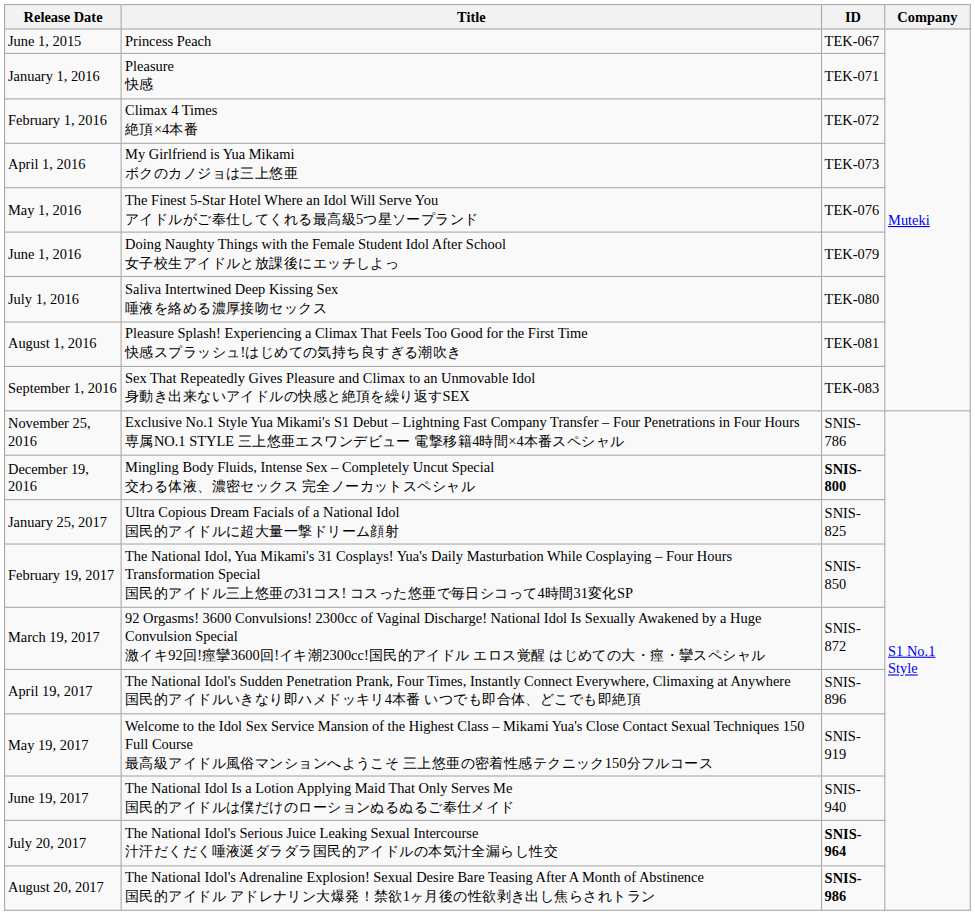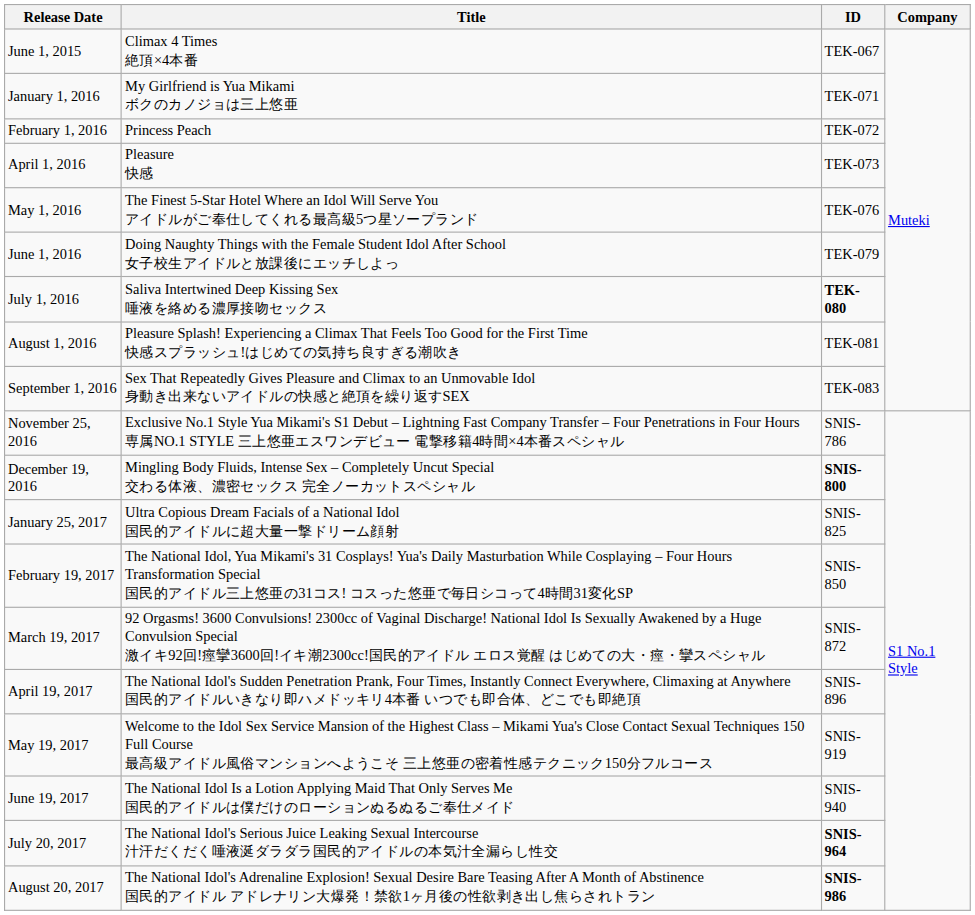 <table class="wikitable" style="font-size:small">
 <tr>
 <th>Release Date</th>
 <th>Title</th>
 <th>ID</th>
 <th>Company</th>
 </tr>
 <tr>
 <td>June 1, 2015</td>
-<td>Princess Peach</td>
+<td>Climax 4 Times<br>絶頂×4本番</td>
 <td>TEK-067</td>
 <td rowspan="9"><a href='#'>Muteki</a></td>
 </tr>
 <tr>
 <td>January 1, 2016</td>
-<td>Pleasure<br>快感</td>
+<td>My Girlfriend is Yua Mikami<br>ボクのカノジョは三上悠亜</td>
 <td>TEK-071</td>
 </tr>
 <tr>
 <td>February 1, 2016</td>
-<td>Climax 4 Times<br>絶頂×4本番</td>
+<td>Princess Peach</td>
 <td>TEK-072</td>
 </tr>
 <tr>
 <td>April 1, 2016</td>
-<td>My Girlfriend is Yua Mikami<br>ボクのカノジョは三上悠亜</td>
+<td>Pleasure<br>快感</td>
 <td>TEK-073</td>
 </tr>
 <tr>
 <td>May 1, 2016</td>
 <td>The Finest 5-Star Hotel Where an Idol Will Serve You<br>アイドルがご奉仕してくれる最高級5つ星ソープランド</td>
 <td>TEK-076</td>
 </tr>
 <tr>
 <td>June 1, 2016</td>
 <td>Doing Naughty Things with the Female Student Idol After School<br>女子校生アイドルと放課後にエッチしよっ</td>
 <td>TEK-079</td>
 </tr>
 <tr>
 <td>July 1, 2016</td>
 <td>Saliva Intertwined Deep Kissing Sex<br>唾液を絡める濃厚接吻セックス</td>
-<td>TEK-080</td>
+<td><strong>TEK-080</strong></td>
 </tr>
 <tr>
 <td>August 1, 2016</td>
 <td>Pleasure Splash! Experiencing a Climax That Feels Too Good for the First Time<br>快感スプラッシュ!はじめての気持ち良すぎる潮吹き</td>
 <td>TEK-081</td>
 </tr>
 <tr>
 <td>September 1, 2016</td>
 <td>Sex That Repeatedly Gives Pleasure and Climax to an Unmovable Idol<br>身動き出来ないアイドルの快感と絶頂を繰り返すSEX</td>
 <td>TEK-083</td>
 </tr>
 <tr>
 <td>November 25, 2016</td>
 <td>Exclusive No.1 Style Yua Mikami's S1 Debut – Lightning Fast Company Transfer – Four Penetrations in Four Hours<br>専属NO.1 STYLE 三上悠亜エスワンデビュー 電撃移籍4時間×4本番スペシャル</td>
 <td>SNIS-786</td>
 <td rowspan="10"><a href='#'>S1 No.1 Style</a></td>
 </tr>
 <tr>
 <td>December 19, 2016</td>
 <td>Mingling Body Fluids, Intense Sex – Completely Uncut Special<br>交わる体液、濃密セックス 完全ノーカットスペシャル</td>
 <td><strong>SNIS-800</strong></td>
 </tr>
 <tr>
 <td>January 25, 2017</td>
 <td>Ultra Copious Dream Facials of a National Idol<br>国民的アイドルに超大量一撃ドリーム顔射</td>
 <td>SNIS-825</td>
 </tr>
 <tr>
 <td>February 19, 2017</td>
 <td>The National Idol, Yua Mikami's 31 Cosplays! Yua's Daily Masturbation While Cosplaying – Four Hours Transformation Special<br>国民的アイドル三上悠亜の31コス! コスった悠亜で毎日シコって4時間31変化SP</td>
 <td>SNIS-850</td>
 </tr>
 <tr>
 <td>March 19, 2017</td>
 <td>92 Orgasms! 3600 Convulsions! 2300cc of Vaginal Discharge! National Idol Is Sexually Awakened by a Huge Convulsion Special<br>激イキ92回!痙攣3600回!イキ潮2300cc!国民的アイドル エロス覚醒 はじめての大・痙・攣スペシャル</td>
 <td>SNIS-872</td>
 </tr>
 <tr>
 <td>April 19, 2017</td>
 <td>The National Idol's Sudden Penetration Prank, Four Times, Instantly Connect Everywhere, Climaxing at Anywhere<br>国民的アイドルいきなり即ハメドッキリ4本番 いつでも即合体、どこでも即絶頂</td>
 <td>SNIS-896</td>
 </tr>
 <tr>
 <td>May 19, 2017</td>
 <td>Welcome to the Idol Sex Service Mansion of the Highest Class – Mikami Yua's Close Contact Sexual Techniques 150 Full Course<br>最高級アイドル風俗マンションへようこそ 三上悠亜の密着性感テクニック150分フルコース</td>
 <td>SNIS-919</td>
 </tr>
 <tr>
 <td>June 19, 2017</td>
 <td>The National Idol Is a Lotion Applying Maid That Only Serves Me<br>国民的アイドルは僕だけのローションぬるぬるご奉仕メイド</td>
 <td>SNIS-940</td>
 </tr>
 <tr>
 <td>July 20, 2017</td>
 <td>The National Idol's Serious Juice Leaking Sexual Intercourse<br>汁汗だくだく唾液涎ダラダラ国民的アイドルの本気汁全漏らし性交</td>
 <td><strong>SNIS-964</strong></td>
 </tr>
 <tr>
 <td>August 20, 2017</td>
 <td>The National Idol's Adrenaline Explosion! Sexual Desire Bare Teasing After A Month of Abstinence<br>国民的アイドル アドレナリン大爆発！禁欲1ヶ月後の性欲剥き出し焦らされトラン</td>
 <td><strong>SNIS-986</strong></td>
 </tr>
 </table>
